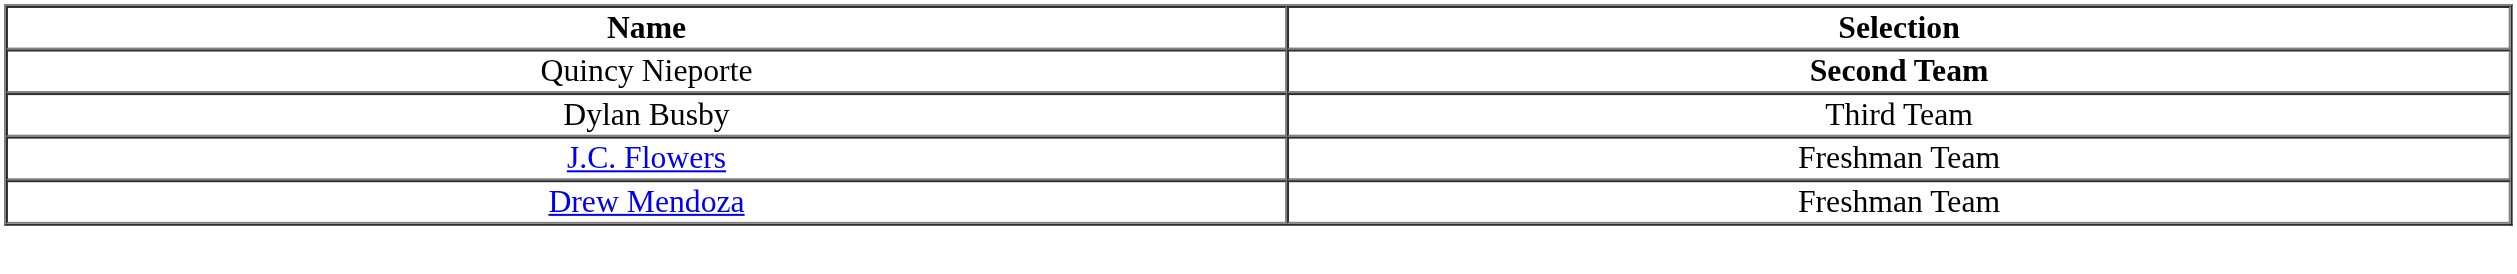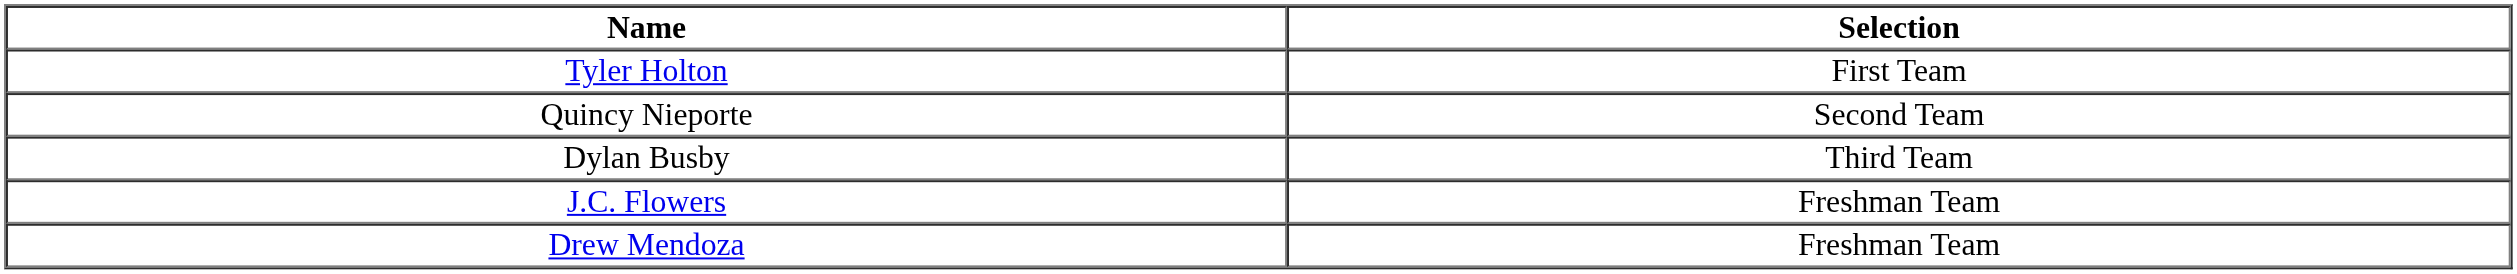 <table cellpadding="1" border="1" cellspacing="0" width="80%">
 <tr>
 <th>Name</th>
 <th>Selection</th>
 </tr>
 <tr align="center">
+<td><a href='#'>Tyler Holton</a></td>
+<td>First Team</td>
+</tr>
+<tr align="center">
 <td>Quincy Nieporte</td>
-<td><strong>Second Team</strong></td>
+<td>Second Team</td>
 </tr>
 <tr align="center">
 <td>Dylan Busby</td>
 <td>Third Team</td>
 </tr>
 <tr align="center">
 <td><a href='#'>J.C. Flowers</a></td>
 <td>Freshman Team</td>
 </tr>
 <tr align="center">
 <td><a href='#'>Drew Mendoza</a></td>
 <td>Freshman Team</td>
 </tr>
 <tr align="center">
 </tr>
 </table>
